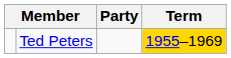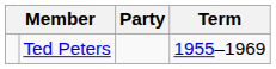 <table class="wikitable">
 <tr>
 <th colspan="2">Member</th>
 <th>Party</th>
 <th>Term</th>
 </tr>
 <tr>
 <td> </td>
 <td><a href='#'>Ted Peters</a></td>
 <td></td>
-<td style="background: gold;"><a href='#'>1955</a>–1969</td>
+<td><a href='#'>1955</a>–1969</td>
 </tr>
 </table>
